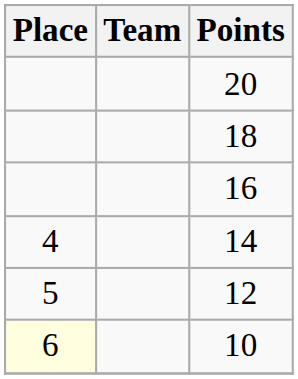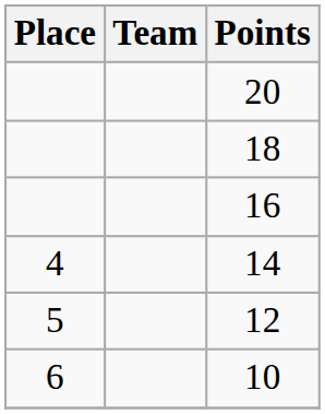 <table class="wikitable" style="text-align:center; padding-bottom:0;">
 <tr>
 <th>Place</th>
 <th style="text-align:left;">Team</th>
 <th>Points</th>
 </tr>
 <tr>
 <td></td>
 <td align=left></td>
 <td>20</td>
 </tr>
 <tr>
 <td></td>
 <td align=left></td>
 <td>18</td>
 </tr>
 <tr>
 <td></td>
 <td align=left></td>
 <td>16</td>
 </tr>
 <tr>
 <td>4</td>
 <td align=left></td>
 <td>14</td>
 </tr>
 <tr>
 <td>5</td>
 <td align=left></td>
 <td>12</td>
 </tr>
 <tr>
-<td style="background: lightyellow;">6</td>
+<td>6</td>
 <td align=left></td>
 <td>10</td>
 </tr>
 <tr>
 </tr>
 </table>
